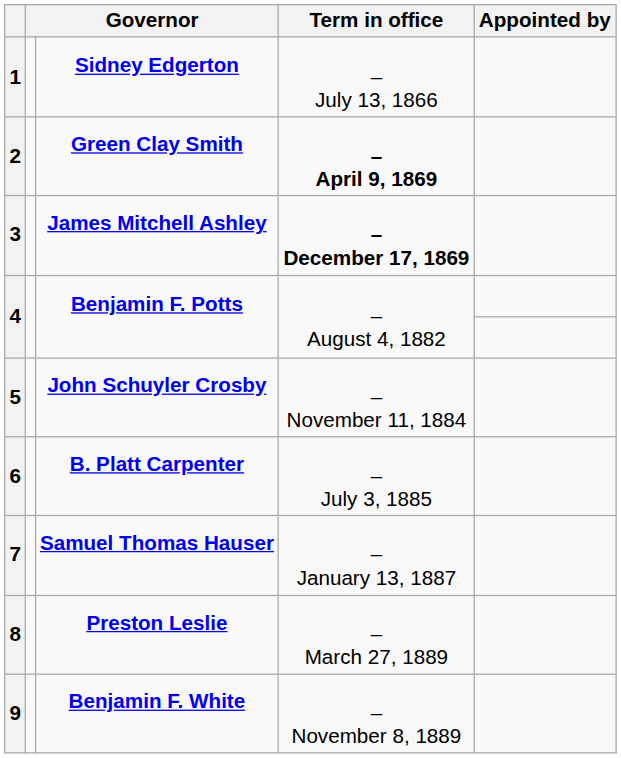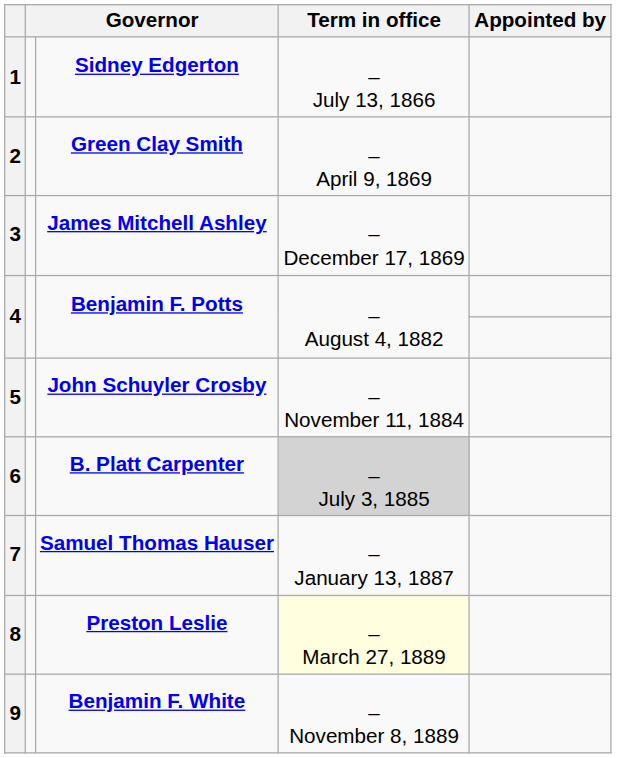 <table class="wikitable sortable" style="text-align:center;">
 <tr>
 <th scope="col" data-sort-type="number"></th>
 <th scope="colgroup" colspan="2">Governor</th>
 <th scope="col">Term in office</th>
 <th scope="col">Appointed by</th>
 </tr>
 <tr style="height:2em;">
 <th scope="row">1</th>
 <td data-sort-value="Edgerton, Sidney"></td>
 <td><strong><a href='#'>Sidney Edgerton</a></strong><br><br></td>
 <td><br>–<br>July 13, 1866<br></td>
 <td></td>
 </tr>
 <tr style="height:2em;">
 <th scope="row">2</th>
 <td data-sort-value="Smith, Green"></td>
 <td><strong><a href='#'>Green Clay Smith</a></strong><br><br></td>
-<td><strong><br>–<br>April 9, 1869<br></strong></td>
+<td><br>–<br>April 9, 1869<br></td>
 <td></td>
 </tr>
 <tr style="height:2em;">
 <th scope="row">3</th>
 <td data-sort-value="Ashley, James"></td>
 <td><strong><a href='#'>James Mitchell Ashley</a></strong><br><br></td>
-<td><strong><br>–<br>December 17, 1869<br></strong></td>
+<td><br>–<br>December 17, 1869<br></td>
 <td></td>
 </tr>
 <tr style="height:2em;">
 <th rowspan="2" scope="rowgroup">4</th>
 <td rowspan="2" data-sort-value="Potts, Benjamin"></td>
 <td rowspan="2"><strong><a href='#'>Benjamin F. Potts</a></strong><br><br></td>
 <td rowspan="2"><br>–<br>August 4, 1882<br></td>
 <td></td>
 </tr>
 <tr style="height:2em;">
 <td></td>
 </tr>
 <tr style="height:2em;">
 <th scope="row">5</th>
 <td data-sort-value="Crosby, John"></td>
 <td><strong><a href='#'>John Schuyler Crosby</a></strong><br><br></td>
 <td><br>–<br>November 11, 1884<br></td>
 <td></td>
 </tr>
 <tr style="height:2em;">
 <th scope="row">6</th>
 <td data-sort-value="Carpenter, B."></td>
 <td><strong><a href='#'>B. Platt Carpenter</a></strong><br><br></td>
-<td><br>–<br>July 3, 1885<br></td>
+<td style="background: lightgrey;"><br>–<br>July 3, 1885<br></td>
 <td></td>
 </tr>
 <tr style="height:2em;">
 <th scope="row">7</th>
 <td data-sort-value="Hauser, Samuel"></td>
 <td><strong><a href='#'>Samuel Thomas Hauser</a></strong><br><br></td>
 <td><br>–<br>January 13, 1887<br></td>
 <td></td>
 </tr>
 <tr style="height:2em;">
 <th scope="row">8</th>
 <td data-sort-value="Leslie, Preston"></td>
 <td><strong><a href='#'>Preston Leslie</a></strong><br><br></td>
-<td><br>–<br>March 27, 1889<br></td>
+<td style="background: lightyellow;"><br>–<br>March 27, 1889<br></td>
 <td></td>
 </tr>
 <tr style="height:2em;">
 <th scope="row">9</th>
 <td data-sort-value="White, Benjami"></td>
 <td><strong><a href='#'>Benjamin F. White</a></strong><br><br></td>
 <td><br>–<br>November 8, 1889<br></td>
 <td></td>
 </tr>
 </table>
